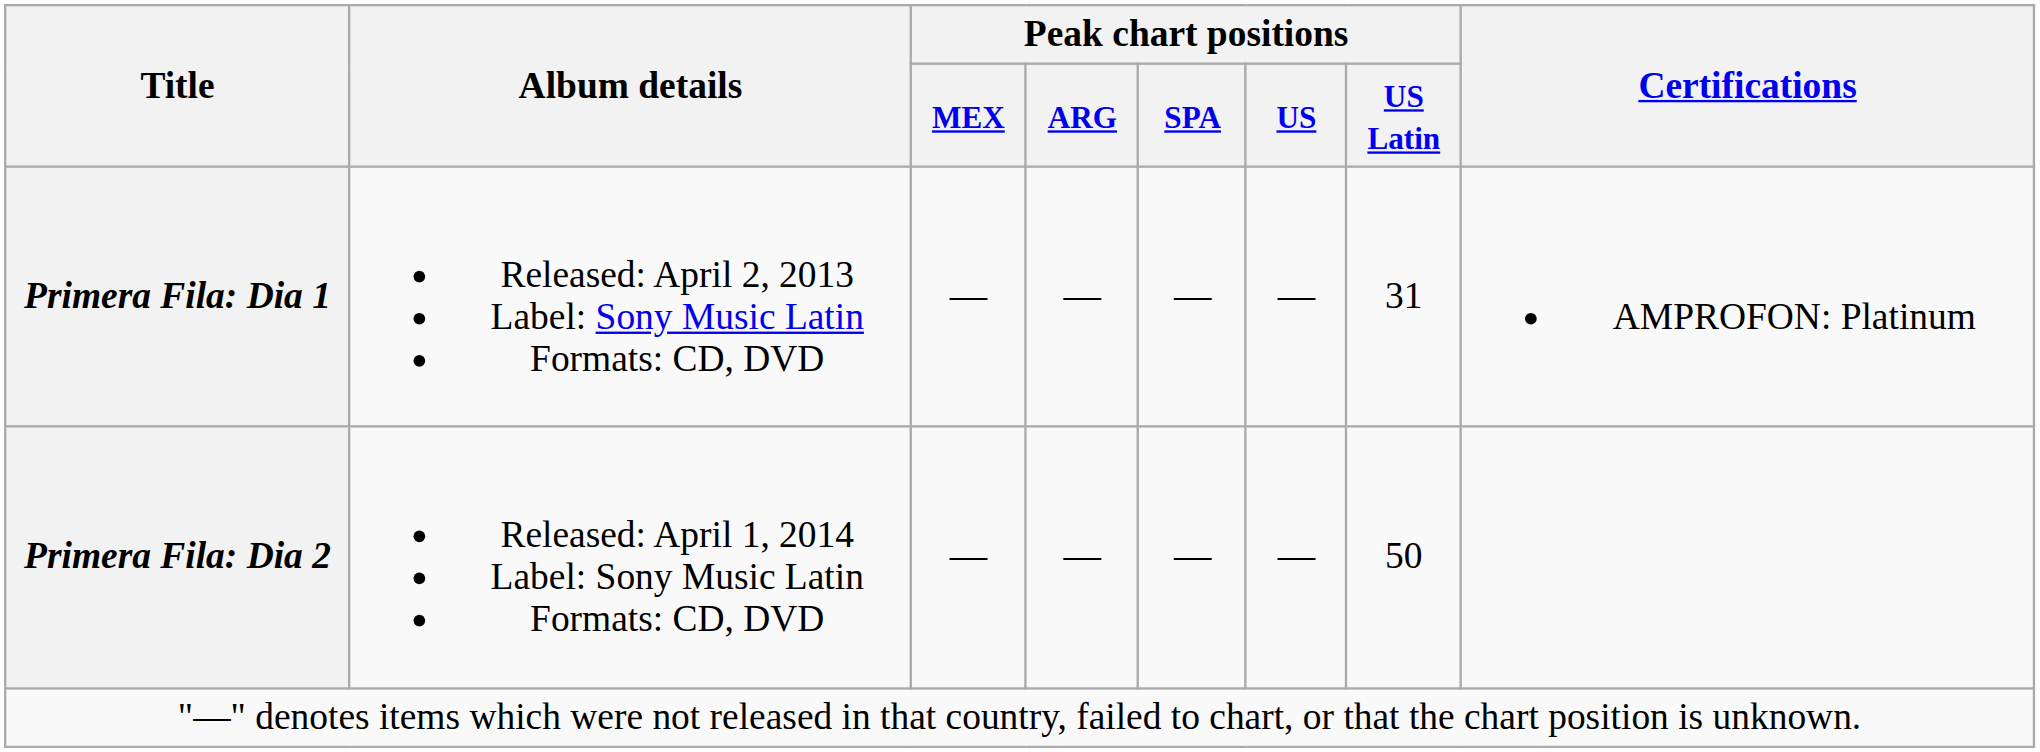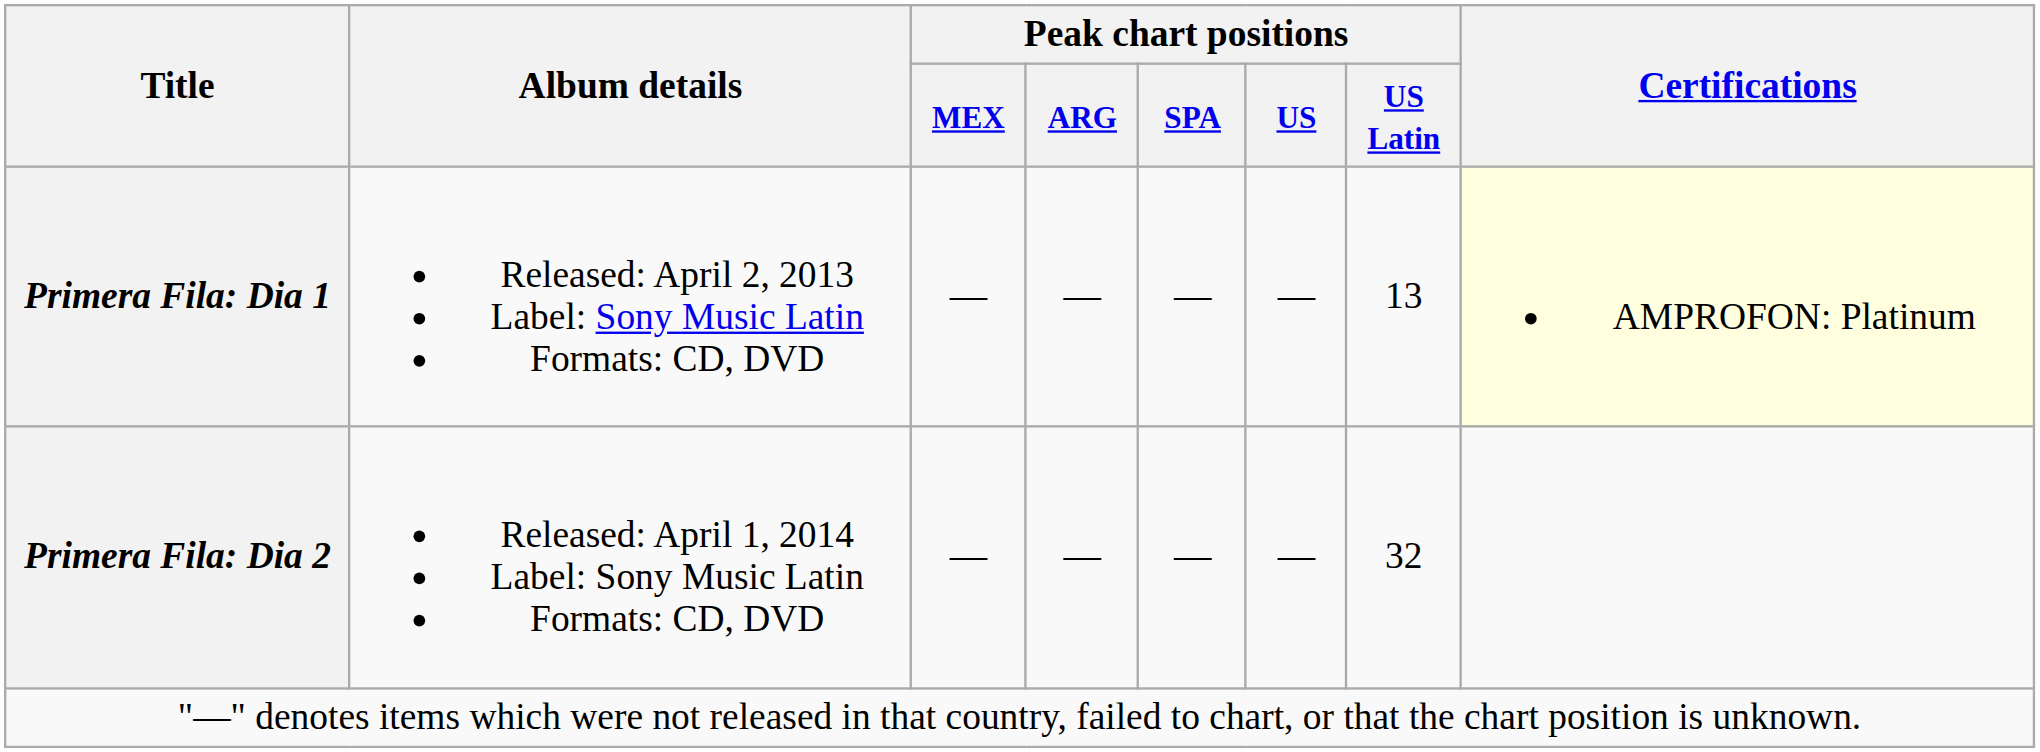 <table class="wikitable plainrowheaders" style="text-align:center;">
 <tr>
 <th scope="col" rowspan="2" style="width:13em;">Title</th>
 <th scope="col" rowspan="2" style="width:21em;">Album details</th>
 <th scope="col" colspan="5"style="width:9em;">Peak chart positions</th>
 <th scope="col" rowspan="2" style="width:20em;"><a href='#'>Certifications</a></th>
 </tr>
 <tr>
 <th width="50"><small><a href='#'>MEX</a></small></th>
 <th width="50"><small><a href='#'>ARG</a></small></th>
 <th width="50"><small><a href='#'>SPA</a></small></th>
 <th width="50"><small><a href='#'>US</a></small></th>
 <th width="50"><small><a href='#'>US Latin</a></small></th>
 </tr>
 <tr>
 <th scope="row"><em>Primera Fila: Dia 1</em></th>
 <td><br><ul><li>Released: April 2, 2013</li><li>Label: <a href='#'>Sony Music Latin</a></li><li>Formats: CD, DVD</li></ul></td>
 <td>—</td>
 <td>—</td>
 <td>—</td>
 <td>—</td>
-<td>31</td>
-<td><br><ul><li>AMPROFON: Platinum</li></ul></td>
+<td>13</td>
+<td style="background: lightyellow;"><br><ul><li>AMPROFON: Platinum</li></ul></td>
 </tr>
 <tr>
 <th scope="row"><em>Primera Fila: Dia 2</em></th>
 <td><br><ul><li>Released: April 1, 2014</li><li>Label: Sony Music Latin</li><li>Formats: CD, DVD</li></ul></td>
 <td>—</td>
 <td>—</td>
 <td>—</td>
 <td>—</td>
-<td>50</td>
+<td>32</td>
 <td></td>
 </tr>
 <tr>
 <td colspan="14" style="font—size:90%">"—" denotes items which were not released in that country, failed to chart, or that the chart position is unknown.</td>
 </tr>
 </table>
